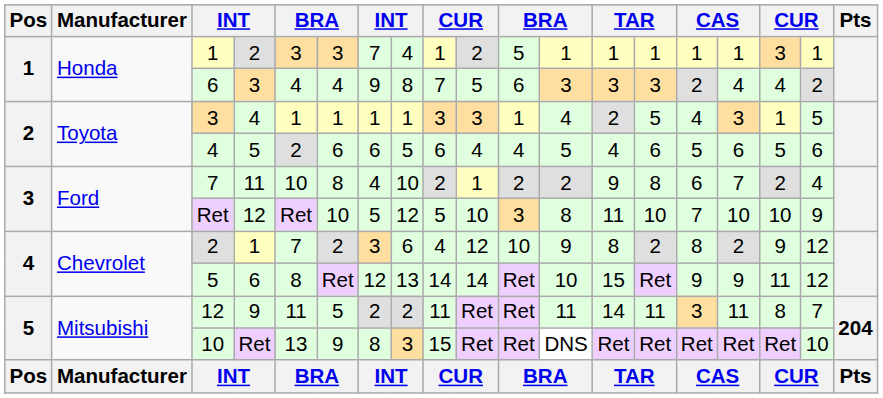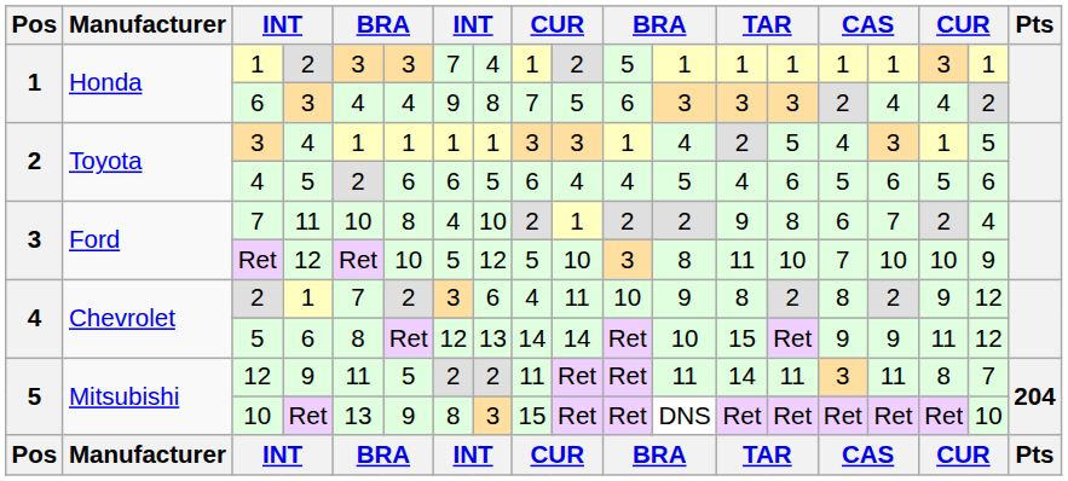 <table align="left"| class="wikitable" style="font-size: 85%; text-align: center">
 <tr valign="top">
 <th valign="middle">Pos</th>
 <th valign="middle">Manufacturer</th>
 <th colspan=2><a href='#'>INT</a></th>
 <th colspan=2><a href='#'>BRA</a></th>
 <th colspan=2><a href='#'>INT</a></th>
 <th colspan=2><a href='#'>CUR</a></th>
 <th colspan=2><a href='#'>BRA</a></th>
 <th colspan=2><a href='#'>TAR</a></th>
 <th colspan=2><a href='#'>CAS</a></th>
 <th colspan=2><a href='#'>CUR</a></th>
 <th valign="middle">Pts</th>
 </tr>
 <tr>
 <th rowspan=2>1</th>
 <td align="left" rowspan=2><a href='#'>Honda</a></td>
 <td style="background:#FFFFBF;">1</td>
 <td style="background:#DFDFDF;">2</td>
 <td style="background:#FFDF9F;">3</td>
 <td style="background:#FFDF9F;">3</td>
 <td style="background:#DFFFDF;">7</td>
 <td style="background:#DFFFDF;">4</td>
 <td style="background:#FFFFBF;">1</td>
 <td style="background:#DFDFDF;">2</td>
 <td style="background:#DFFFDF;">5</td>
 <td style="background:#FFFFBF;">1</td>
 <td style="background:#FFFFBF;">1</td>
 <td style="background:#FFFFBF;">1</td>
 <td style="background:#FFFFBF;">1</td>
 <td style="background:#FFFFBF;">1</td>
 <td style="background:#FFDF9F;">3</td>
 <td style="background:#FFFFBF;">1</td>
 <th rowspan=2></th>
 </tr>
 <tr>
 <td style="background:#DFFFDF;">6</td>
 <td style="background:#FFDF9F;">3</td>
 <td style="background:#DFFFDF;">4</td>
 <td style="background:#DFFFDF;">4</td>
 <td style="background:#DFFFDF;">9</td>
 <td style="background:#DFFFDF;">8</td>
 <td style="background:#DFFFDF;">7</td>
 <td style="background:#DFFFDF;">5</td>
 <td style="background:#DFFFDF;">6</td>
 <td style="background:#FFDF9F;">3</td>
 <td style="background:#FFDF9F;">3</td>
 <td style="background:#FFDF9F;">3</td>
 <td style="background:#DFDFDF;">2</td>
 <td style="background:#DFFFDF;">4</td>
 <td style="background:#DFFFDF;">4</td>
 <td style="background:#DFDFDF;">2</td>
 </tr>
 <tr>
 <th rowspan=2>2</th>
 <td align="left" rowspan=2><a href='#'>Toyota</a></td>
 <td style="background:#FFDF9F;">3</td>
 <td style="background:#DFFFDF;">4</td>
 <td style="background:#FFFFBF;">1</td>
 <td style="background:#FFFFBF;">1</td>
 <td style="background:#FFFFBF;">1</td>
 <td style="background:#FFFFBF;">1</td>
 <td style="background:#FFDF9F;">3</td>
 <td style="background:#FFDF9F;">3</td>
 <td style="background:#FFFFBF;">1</td>
 <td style="background:#DFFFDF;">4</td>
 <td style="background:#DFDFDF;">2</td>
 <td style="background:#DFFFDF;">5</td>
 <td style="background:#DFFFDF;">4</td>
 <td style="background:#FFDF9F;">3</td>
 <td style="background:#FFFFBF;">1</td>
 <td style="background:#DFFFDF;">5</td>
 <th rowspan=2></th>
 </tr>
 <tr>
 <td style="background:#DFFFDF;">4</td>
 <td style="background:#DFFFDF;">5</td>
 <td style="background:#DFDFDF;">2</td>
 <td style="background:#DFFFDF;">6</td>
 <td style="background:#DFFFDF;">6</td>
 <td style="background:#DFFFDF;">5</td>
 <td style="background:#DFFFDF;">6</td>
 <td style="background:#DFFFDF;">4</td>
 <td style="background:#DFFFDF;">4</td>
 <td style="background:#DFFFDF;">5</td>
 <td style="background:#DFFFDF;">4</td>
 <td style="background:#DFFFDF;">6</td>
 <td style="background:#DFFFDF;">5</td>
 <td style="background:#DFFFDF;">6</td>
 <td style="background:#DFFFDF;">5</td>
 <td style="background:#DFFFDF;">6</td>
 </tr>
 <tr>
 <th rowspan=2>3</th>
 <td align="left" rowspan=2><a href='#'>Ford</a></td>
 <td style="background:#DFFFDF;">7</td>
 <td style="background:#DFFFDF;">11</td>
 <td style="background:#DFFFDF;">10</td>
 <td style="background:#DFFFDF;">8</td>
 <td style="background:#DFFFDF;">4</td>
 <td style="background:#DFFFDF;">10</td>
 <td style="background:#DFDFDF;">2</td>
 <td style="background:#FFFFBF;">1</td>
 <td style="background:#DFDFDF;">2</td>
 <td style="background:#DFDFDF;">2</td>
 <td style="background:#DFFFDF;">9</td>
 <td style="background:#DFFFDF;">8</td>
 <td style="background:#DFFFDF;">6</td>
 <td style="background:#DFFFDF;">7</td>
 <td style="background:#DFDFDF;">2</td>
 <td style="background:#DFFFDF;">4</td>
 <th rowspan=2></th>
 </tr>
 <tr>
 <td style="background:#efcfff;">Ret</td>
 <td style="background:#DFFFDF;">12</td>
 <td style="background:#efcfff;">Ret</td>
 <td style="background:#DFFFDF;">10</td>
 <td style="background:#DFFFDF;">5</td>
 <td style="background:#DFFFDF;">12</td>
 <td style="background:#DFFFDF;">5</td>
 <td style="background:#DFFFDF;">10</td>
 <td style="background:#FFDF9F;">3</td>
 <td style="background:#DFFFDF;">8</td>
 <td style="background:#DFFFDF;">11</td>
 <td style="background:#DFFFDF;">10</td>
 <td style="background:#DFFFDF;">7</td>
 <td style="background:#DFFFDF;">10</td>
 <td style="background:#DFFFDF;">10</td>
 <td style="background:#DFFFDF;">9</td>
 </tr>
 <tr>
 <th rowspan=2>4</th>
 <td align="left" rowspan=2><a href='#'>Chevrolet</a></td>
 <td style="background:#DFDFDF;">2</td>
 <td style="background:#FFFFBF;">1</td>
 <td style="background:#DFFFDF;">7</td>
 <td style="background:#DFDFDF;">2</td>
 <td style="background:#FFDF9F;">3</td>
 <td style="background:#DFFFDF;">6</td>
 <td style="background:#DFFFDF;">4</td>
-<td style="background:#DFFFDF;">12</td>
+<td style="background:#DFFFDF;">11</td>
 <td style="background:#DFFFDF;">10</td>
 <td style="background:#DFFFDF;">9</td>
 <td style="background:#DFFFDF;">8</td>
 <td style="background:#DFDFDF;">2</td>
 <td style="background:#DFFFDF;">8</td>
 <td style="background:#DFDFDF;">2</td>
 <td style="background:#DFFFDF;">9</td>
 <td style="background:#DFFFDF;">12</td>
 <th rowspan=2></th>
 </tr>
 <tr>
 <td style="background:#DFFFDF;">5</td>
 <td style="background:#DFFFDF;">6</td>
 <td style="background:#DFFFDF;">8</td>
 <td style="background:#efcfff;">Ret</td>
 <td style="background:#DFFFDF;">12</td>
 <td style="background:#DFFFDF;">13</td>
 <td style="background:#DFFFDF;">14</td>
 <td style="background:#DFFFDF;">14</td>
 <td style="background:#efcfff;">Ret</td>
 <td style="background:#DFFFDF;">10</td>
 <td style="background:#DFFFDF;">15</td>
 <td style="background:#efcfff;">Ret</td>
 <td style="background:#DFFFDF;">9</td>
 <td style="background:#DFFFDF;">9</td>
 <td style="background:#DFFFDF;">11</td>
 <td style="background:#DFFFDF;">12</td>
 </tr>
 <tr>
 <th rowspan=2>5</th>
 <td align="left" rowspan=2><a href='#'>Mitsubishi</a></td>
 <td style="background:#DFFFDF;">12</td>
 <td style="background:#DFFFDF;">9</td>
 <td style="background:#DFFFDF;">11</td>
 <td style="background:#DFFFDF;">5</td>
 <td style="background:#DFDFDF;">2</td>
 <td style="background:#DFDFDF;">2</td>
 <td style="background:#DFFFDF;">11</td>
 <td style="background:#efcfff;">Ret</td>
 <td style="background:#efcfff;">Ret</td>
 <td style="background:#DFFFDF;">11</td>
 <td style="background:#DFFFDF;">14</td>
 <td style="background:#DFFFDF;">11</td>
 <td style="background:#FFDF9F;">3</td>
 <td style="background:#DFFFDF;">11</td>
 <td style="background:#DFFFDF;">8</td>
 <td style="background:#DFFFDF;">7</td>
 <th rowspan=2>204</th>
 </tr>
 <tr>
 <td style="background:#DFFFDF;">10</td>
 <td style="background:#efcfff;">Ret</td>
 <td style="background:#DFFFDF;">13</td>
 <td style="background:#DFFFDF;">9</td>
 <td style="background:#DFFFDF;">8</td>
 <td style="background:#FFDF9F;">3</td>
 <td style="background:#DFFFDF;">15</td>
 <td style="background:#efcfff;">Ret</td>
 <td style="background:#efcfff;">Ret</td>
 <td style="background:#ffffff;">DNS</td>
 <td style="background:#efcfff;">Ret</td>
 <td style="background:#efcfff;">Ret</td>
 <td style="background:#efcfff;">Ret</td>
 <td style="background:#efcfff;">Ret</td>
 <td style="background:#efcfff;">Ret</td>
 <td style="background:#DFFFDF;">10</td>
 </tr>
 <tr valign="top">
 <th valign="middle">Pos</th>
 <th valign="middle">Manufacturer</th>
 <th colspan=2><a href='#'>INT</a></th>
 <th colspan=2><a href='#'>BRA</a></th>
 <th colspan=2><a href='#'>INT</a></th>
 <th colspan=2><a href='#'>CUR</a></th>
 <th colspan=2><a href='#'>BRA</a></th>
 <th colspan=2><a href='#'>TAR</a></th>
 <th colspan=2><a href='#'>CAS</a></th>
 <th colspan=2><a href='#'>CUR</a></th>
 <th valign="middle">Pts</th>
 </tr>
 </table>
